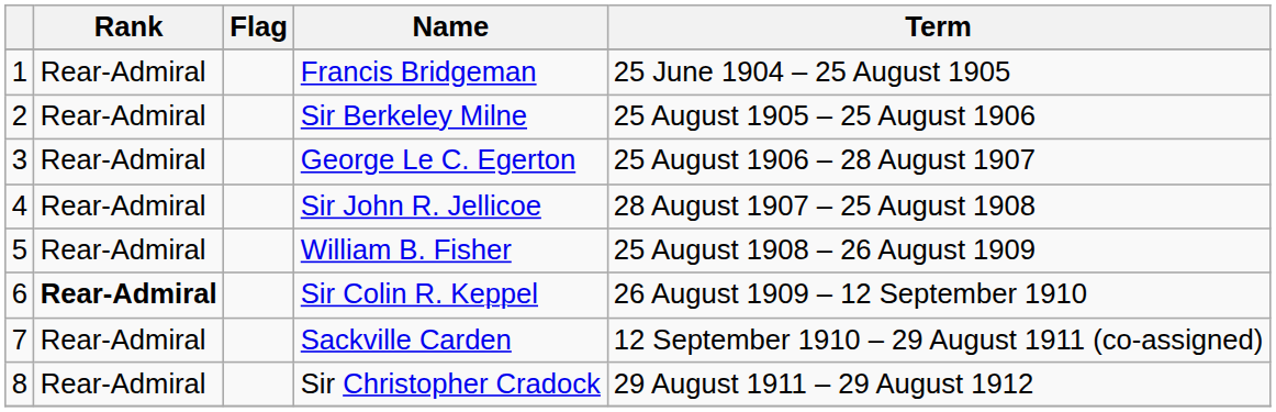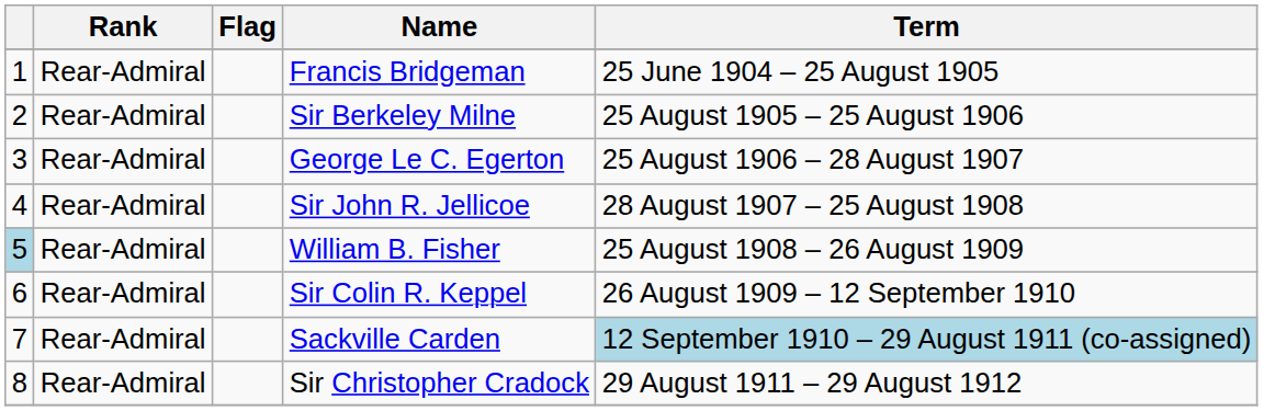 <table class="wikitable">
 <tr>
 <th></th>
 <th>Rank</th>
 <th>Flag</th>
 <th>Name</th>
 <th>Term</th>
 </tr>
 <tr>
 </tr>
 <tr>
 <td>1</td>
 <td>Rear-Admiral</td>
 <td></td>
 <td><a href='#'>Francis Bridgeman</a></td>
 <td>25 June 1904 – 25 August 1905</td>
 </tr>
 <tr>
 <td>2</td>
 <td>Rear-Admiral</td>
 <td></td>
 <td><a href='#'>Sir Berkeley Milne</a></td>
 <td>25 August 1905 – 25 August 1906</td>
 </tr>
 <tr>
 <td>3</td>
 <td>Rear-Admiral</td>
 <td></td>
 <td><a href='#'>George Le C. Egerton</a></td>
 <td>25 August 1906 – 28 August 1907</td>
 </tr>
 <tr>
 <td>4</td>
 <td>Rear-Admiral</td>
 <td></td>
 <td><a href='#'>Sir John R. Jellicoe</a></td>
 <td>28 August 1907 – 25 August 1908</td>
 </tr>
 <tr>
-<td>5</td>
+<td style="background: lightblue;">5</td>
 <td>Rear-Admiral</td>
 <td></td>
 <td><a href='#'>William B. Fisher</a></td>
 <td>25 August 1908 – 26 August 1909</td>
 </tr>
 <tr>
 <td>6</td>
-<td><strong>Rear-Admiral</strong></td>
+<td>Rear-Admiral</td>
 <td></td>
 <td><a href='#'>Sir Colin R. Keppel</a></td>
 <td>26 August 1909 – 12 September 1910</td>
 </tr>
 <tr>
 <td>7</td>
 <td>Rear-Admiral</td>
 <td></td>
 <td><a href='#'>Sackville Carden</a></td>
-<td>12 September 1910 – 29 August 1911 (co-assigned)</td>
+<td style="background: lightblue;">12 September 1910 – 29 August 1911 (co-assigned)</td>
 </tr>
 <tr>
 <td>8</td>
 <td>Rear-Admiral</td>
 <td></td>
 <td>Sir <a href='#'>Christopher Cradock</a></td>
 <td>29 August 1911 – 29 August 1912</td>
 </tr>
 <tr>
 </tr>
 </table>
